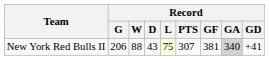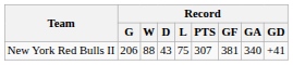 <table class="wikitable">
 <tr>
 <th rowspan="2">Team</th>
 <th colspan="8">Record</th>
 </tr>
 <tr>
 <th>G</th>
 <th>W</th>
 <th>D</th>
 <th>L</th>
 <th>PTS</th>
 <th>GF</th>
 <th>GA</th>
 <th>GD</th>
 </tr>
 <tr>
 <td>New York Red Bulls II</td>
 <td>206</td>
 <td>88</td>
 <td>43</td>
-<td style="background: lightyellow;">75</td>
+<td>75</td>
 <td>307</td>
 <td>381</td>
-<td style="background: lightgrey;">340</td>
+<td>340</td>
 <td>+41</td>
 </tr>
 </table>
